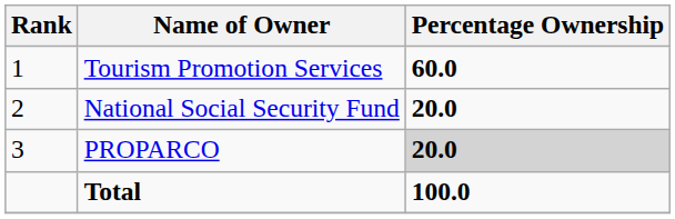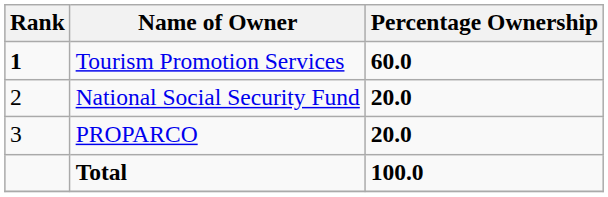 <table class="wikitable sortable" style="margin-left:auto;margin-right:auto">
 <tr>
 <th style="width:2em;">Rank</th>
 <th>Name of Owner</th>
 <th>Percentage Ownership</th>
 </tr>
 <tr>
-<td>1</td>
+<td><strong>1</strong></td>
 <td><a href='#'>Tourism Promotion Services</a></td>
 <td><strong>60.0</strong></td>
 </tr>
 <tr>
 <td>2</td>
 <td><a href='#'>National Social Security Fund</a></td>
 <td><strong>20.0</strong></td>
 </tr>
 <tr>
 <td>3</td>
 <td><a href='#'>PROPARCO</a></td>
-<td style="background: lightgrey;"><strong>20.0</strong></td>
+<td><strong>20.0</strong></td>
 </tr>
 <tr>
 <td></td>
 <td><strong>Total</strong></td>
 <td><strong>100.0</strong></td>
 </tr>
 <tr>
 </tr>
 </table>
